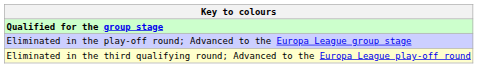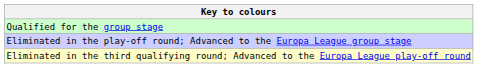 <table class="wikitable">
 <tr>
 <th>Key to colours</th>
 </tr>
 <tr style="background:#cfc">
-<td><strong>Qualified for the <a href='#'>group stage</a></strong></td>
+<td>Qualified for the <a href='#'>group stage</a></td>
 </tr>
 <tr style="background:#cccfff">
 <td>Eliminated in the play-off round; Advanced to the <a href='#'>Europa League group stage</a></td>
 </tr>
 <tr style="background:#ffc">
 <td>Eliminated in the third qualifying round; Advanced to the <a href='#'>Europa League play-off round</a></td>
 </tr>
 </table>
